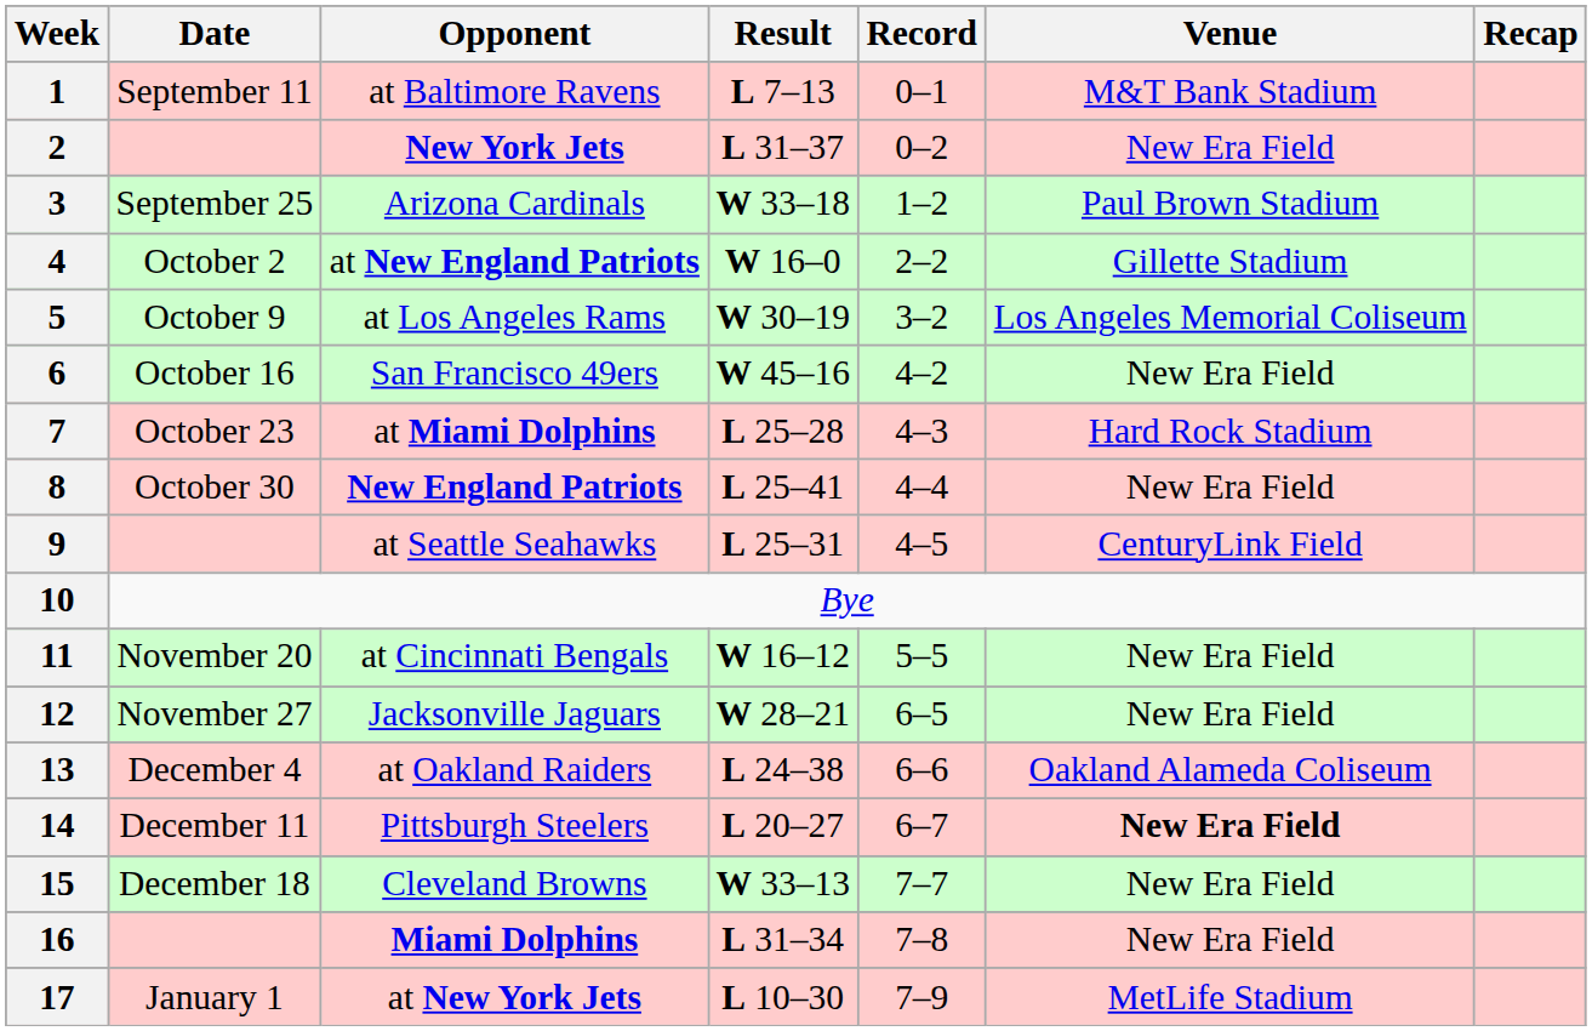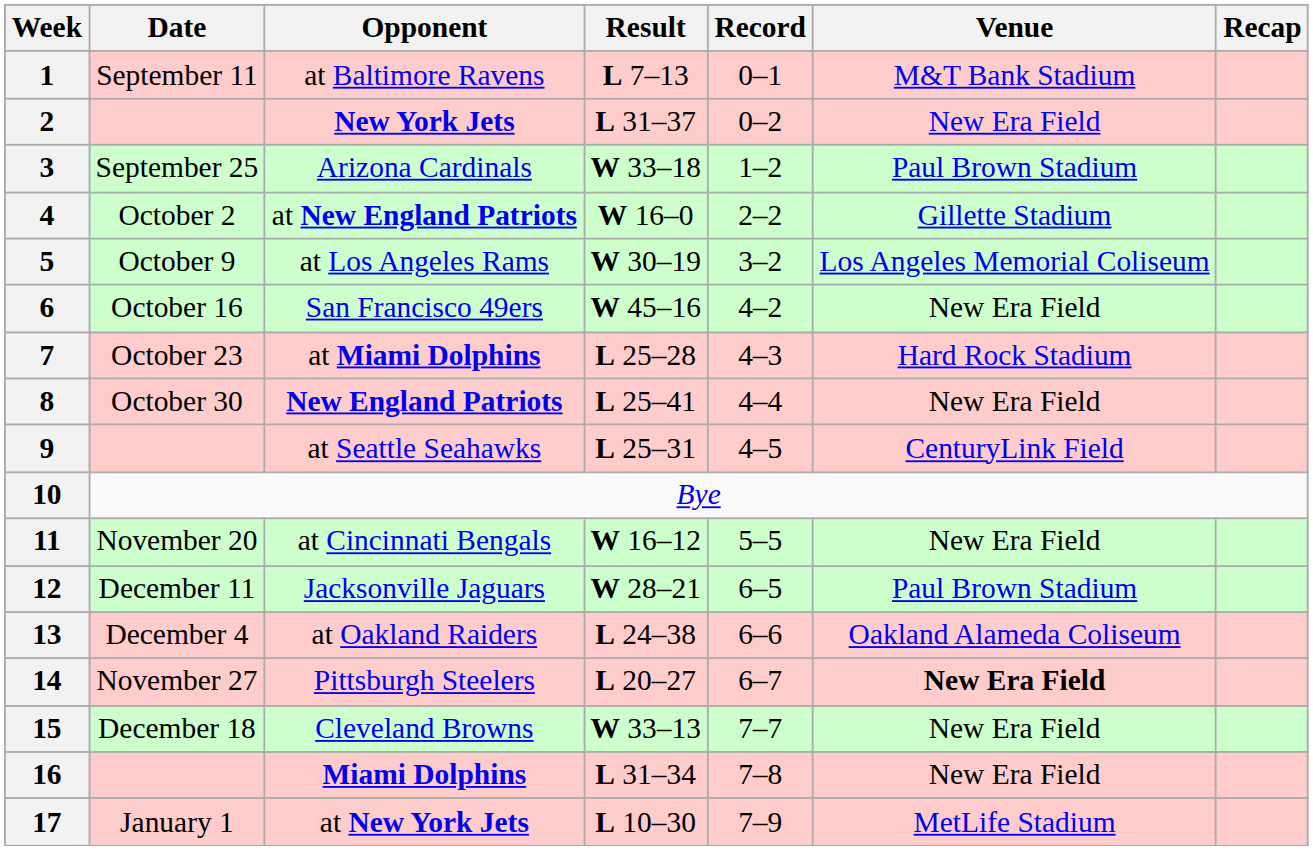 <table class="wikitable" style="text-align:center">
 <tr>
 <th>Week</th>
 <th>Date</th>
 <th>Opponent</th>
 <th>Result</th>
 <th>Record</th>
 <th>Venue</th>
 <th>Recap</th>
 </tr>
 <tr style="background:#fcc">
 <th>1</th>
 <td>September 11</td>
 <td>at <a href='#'>Baltimore Ravens</a></td>
 <td><strong>L</strong> 7–13</td>
 <td>0–1</td>
 <td><a href='#'>M&T Bank Stadium</a></td>
 <td></td>
 </tr>
 <tr style="background:#fcc">
 <th>2</th>
 <td></td>
 <td><strong><a href='#'>New York Jets</a></strong></td>
 <td><strong>L</strong> 31–37</td>
 <td>0–2</td>
 <td><a href='#'>New Era Field</a></td>
 <td></td>
 </tr>
 <tr style="background:#cfc">
 <th>3</th>
 <td>September 25</td>
 <td><a href='#'>Arizona Cardinals</a></td>
 <td><strong>W</strong> 33–18</td>
 <td>1–2</td>
 <td><a href='#'>Paul Brown Stadium</a></td>
 <td></td>
 </tr>
 <tr style="background:#cfc">
 <th>4</th>
 <td>October 2</td>
 <td>at <strong><a href='#'>New England Patriots</a></strong></td>
 <td><strong>W</strong> 16–0</td>
 <td>2–2</td>
 <td><a href='#'>Gillette Stadium</a></td>
 <td></td>
 </tr>
 <tr style="background:#cfc">
 <th>5</th>
 <td>October 9</td>
 <td>at <a href='#'>Los Angeles Rams</a></td>
 <td><strong>W</strong> 30–19</td>
 <td>3–2</td>
 <td><a href='#'>Los Angeles Memorial Coliseum</a></td>
 <td></td>
 </tr>
 <tr style="background:#cfc">
 <th>6</th>
 <td>October 16</td>
 <td><a href='#'>San Francisco 49ers</a></td>
 <td><strong>W</strong> 45–16</td>
 <td>4–2</td>
 <td>New Era Field</td>
 <td></td>
 </tr>
 <tr style="background:#fcc">
 <th>7</th>
 <td>October 23</td>
 <td>at <strong><a href='#'>Miami Dolphins</a></strong></td>
 <td><strong>L</strong> 25–28</td>
 <td>4–3</td>
 <td><a href='#'>Hard Rock Stadium</a></td>
 <td></td>
 </tr>
 <tr style="background:#fcc">
 <th>8</th>
 <td>October 30</td>
 <td><strong><a href='#'>New England Patriots</a></strong></td>
 <td><strong>L</strong> 25–41</td>
 <td>4–4</td>
 <td>New Era Field</td>
 <td></td>
 </tr>
 <tr style="background:#fcc">
 <th>9</th>
 <td></td>
 <td>at <a href='#'>Seattle Seahawks</a></td>
 <td><strong>L</strong> 25–31</td>
 <td>4–5</td>
 <td><a href='#'>CenturyLink Field</a></td>
 <td></td>
 </tr>
 <tr>
 <th>10</th>
 <td colspan="6"><em><a href='#'>Bye</a></em></td>
 </tr>
 <tr style="background:#cfc">
 <th>11</th>
 <td>November 20</td>
 <td>at <a href='#'>Cincinnati Bengals</a></td>
 <td><strong>W</strong> 16–12</td>
 <td>5–5</td>
 <td>New Era Field</td>
 <td></td>
 </tr>
 <tr style="background:#cfc">
 <th>12</th>
-<td>November 27</td>
+<td>December 11</td>
 <td><a href='#'>Jacksonville Jaguars</a></td>
 <td><strong>W</strong> 28–21</td>
 <td>6–5</td>
-<td>New Era Field</td>
+<td><a href='#'>Paul Brown Stadium</a></td>
 <td></td>
 </tr>
 <tr style="background:#fcc">
 <th>13</th>
 <td>December 4</td>
 <td>at <a href='#'>Oakland Raiders</a></td>
 <td><strong>L</strong> 24–38</td>
 <td>6–6</td>
 <td><a href='#'>Oakland Alameda Coliseum</a></td>
 <td></td>
 </tr>
 <tr style="background:#fcc">
 <th>14</th>
-<td>December 11</td>
+<td>November 27</td>
 <td><a href='#'>Pittsburgh Steelers</a></td>
 <td><strong>L</strong> 20–27</td>
 <td>6–7</td>
 <td><strong>New Era Field</strong></td>
 <td></td>
 </tr>
 <tr style="background:#cfc">
 <th>15</th>
 <td>December 18</td>
 <td><a href='#'>Cleveland Browns</a></td>
 <td><strong>W</strong> 33–13</td>
 <td>7–7</td>
 <td>New Era Field</td>
 <td></td>
 </tr>
 <tr style="background:#fcc">
 <th>16</th>
 <td></td>
 <td><strong><a href='#'>Miami Dolphins</a></strong></td>
 <td><strong>L</strong> 31–34 </td>
 <td>7–8</td>
 <td>New Era Field</td>
 <td></td>
 </tr>
 <tr style="background:#fcc">
 <th>17</th>
 <td>January 1</td>
 <td>at <strong><a href='#'>New York Jets</a></strong></td>
 <td><strong>L</strong> 10–30</td>
 <td>7–9</td>
 <td><a href='#'>MetLife Stadium</a></td>
 <td></td>
 </tr>
 </table>
